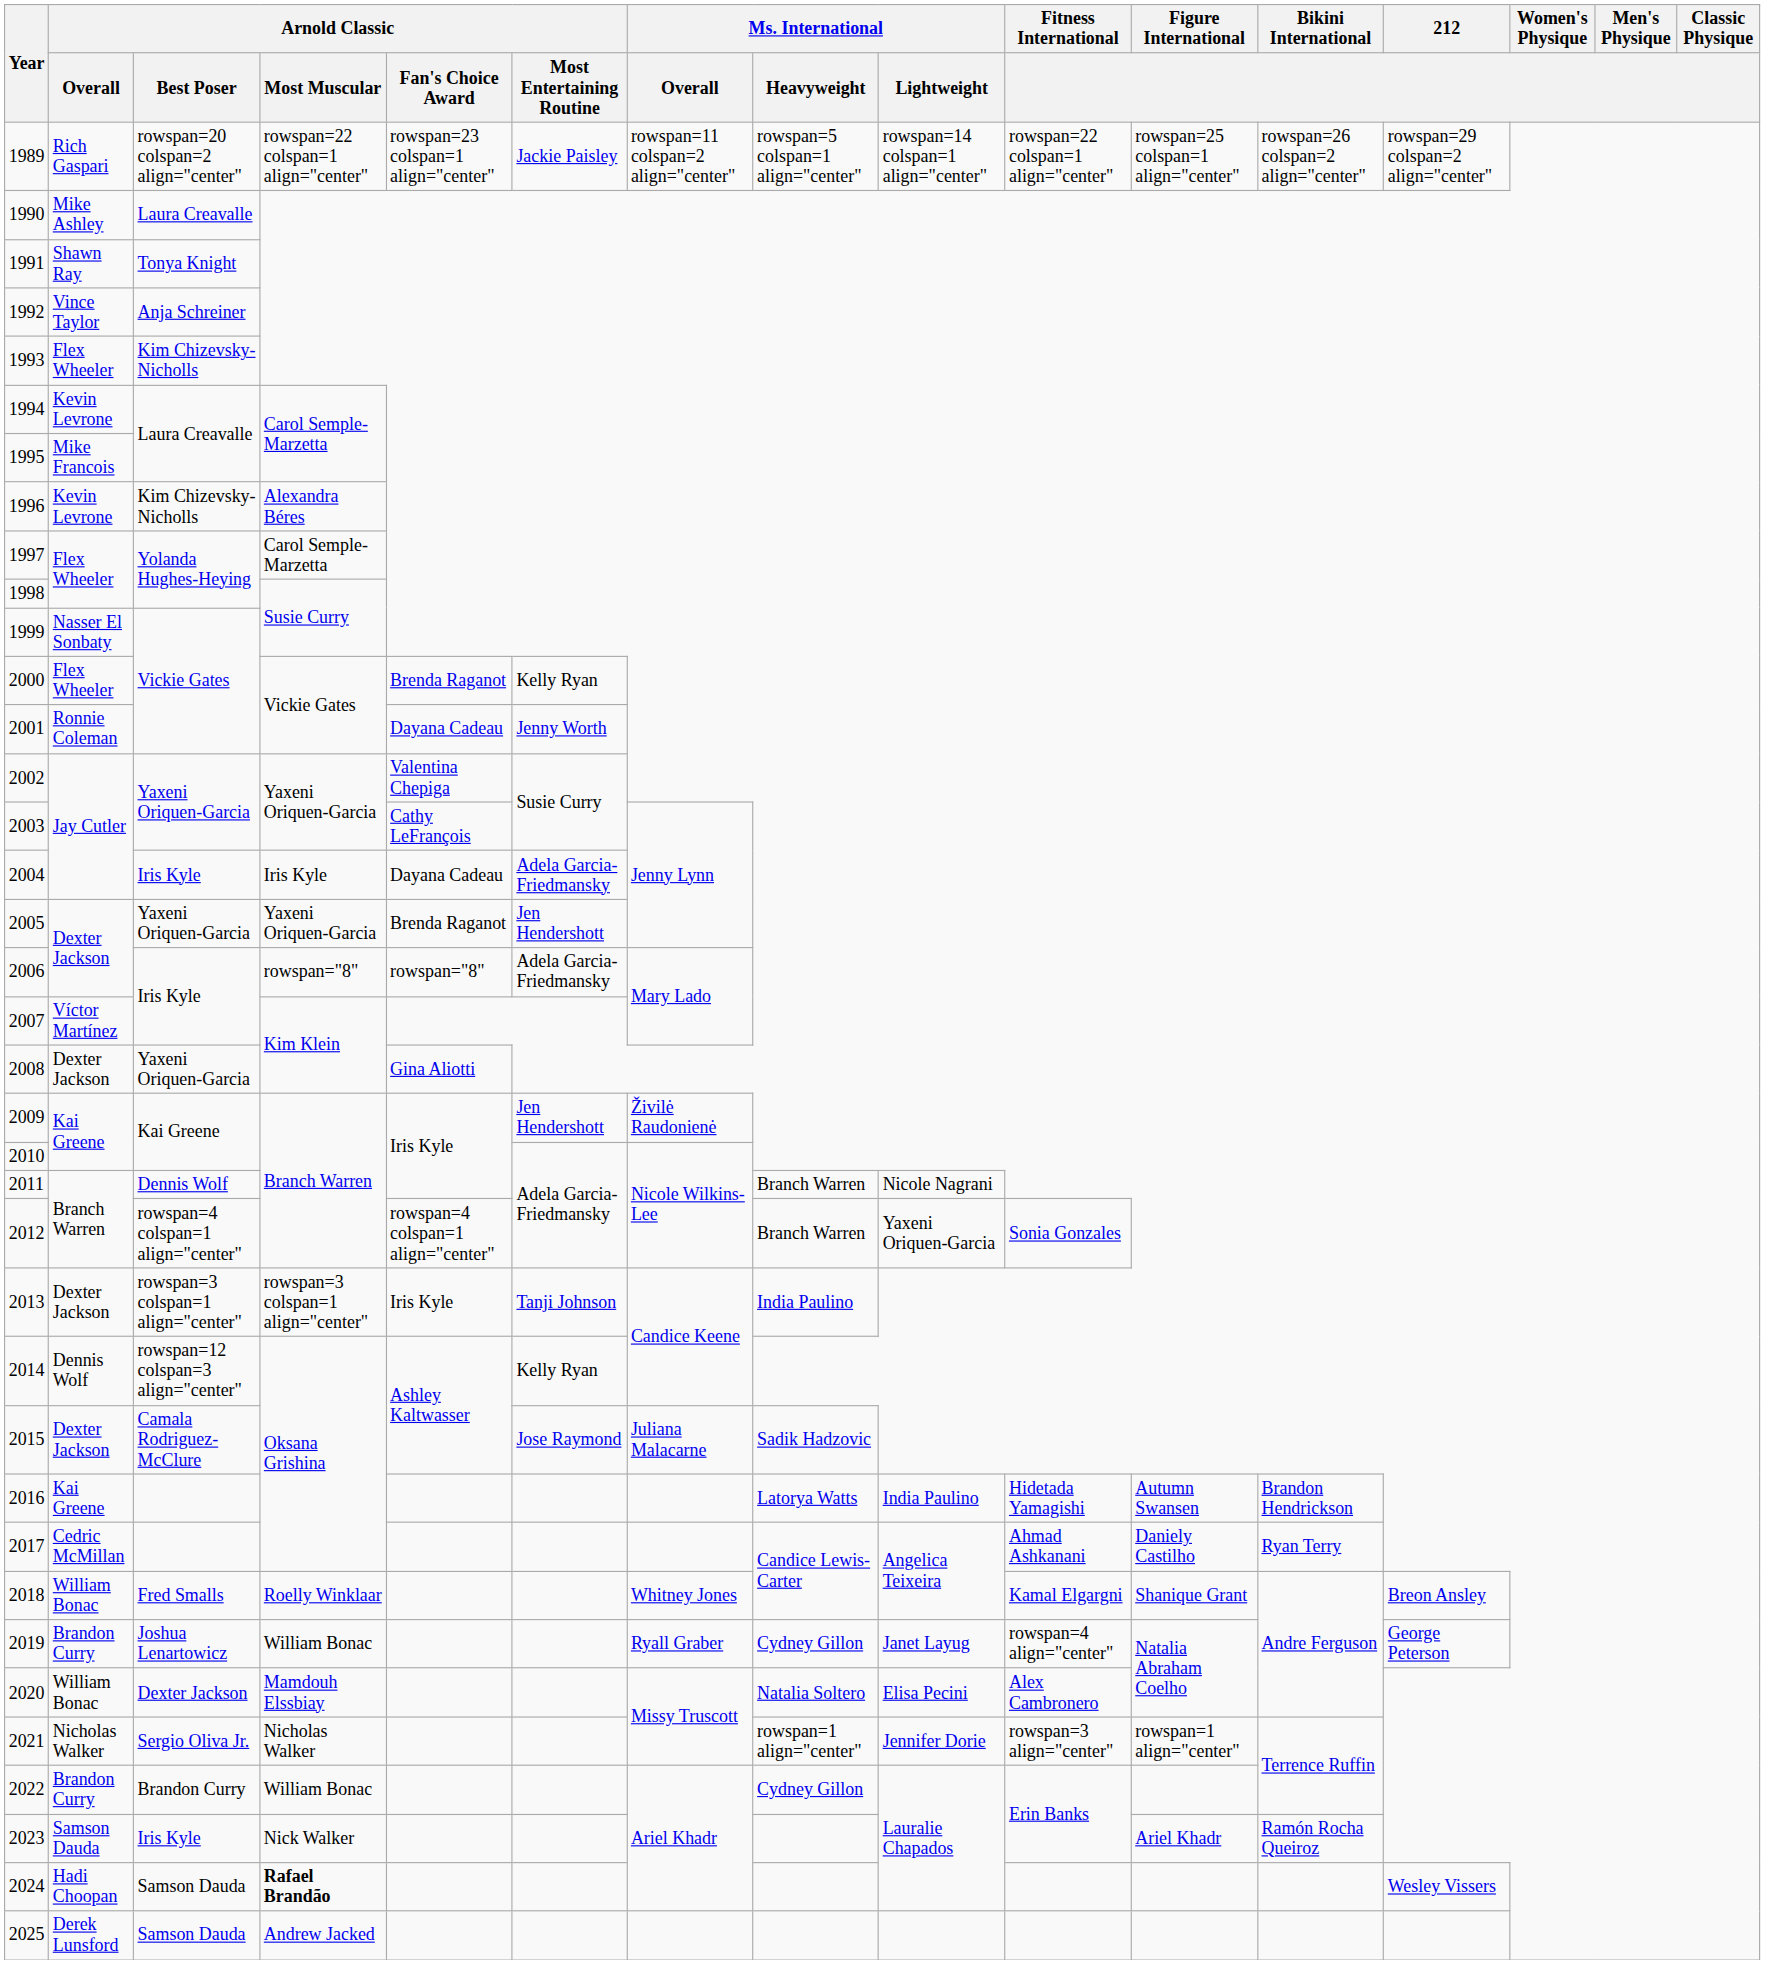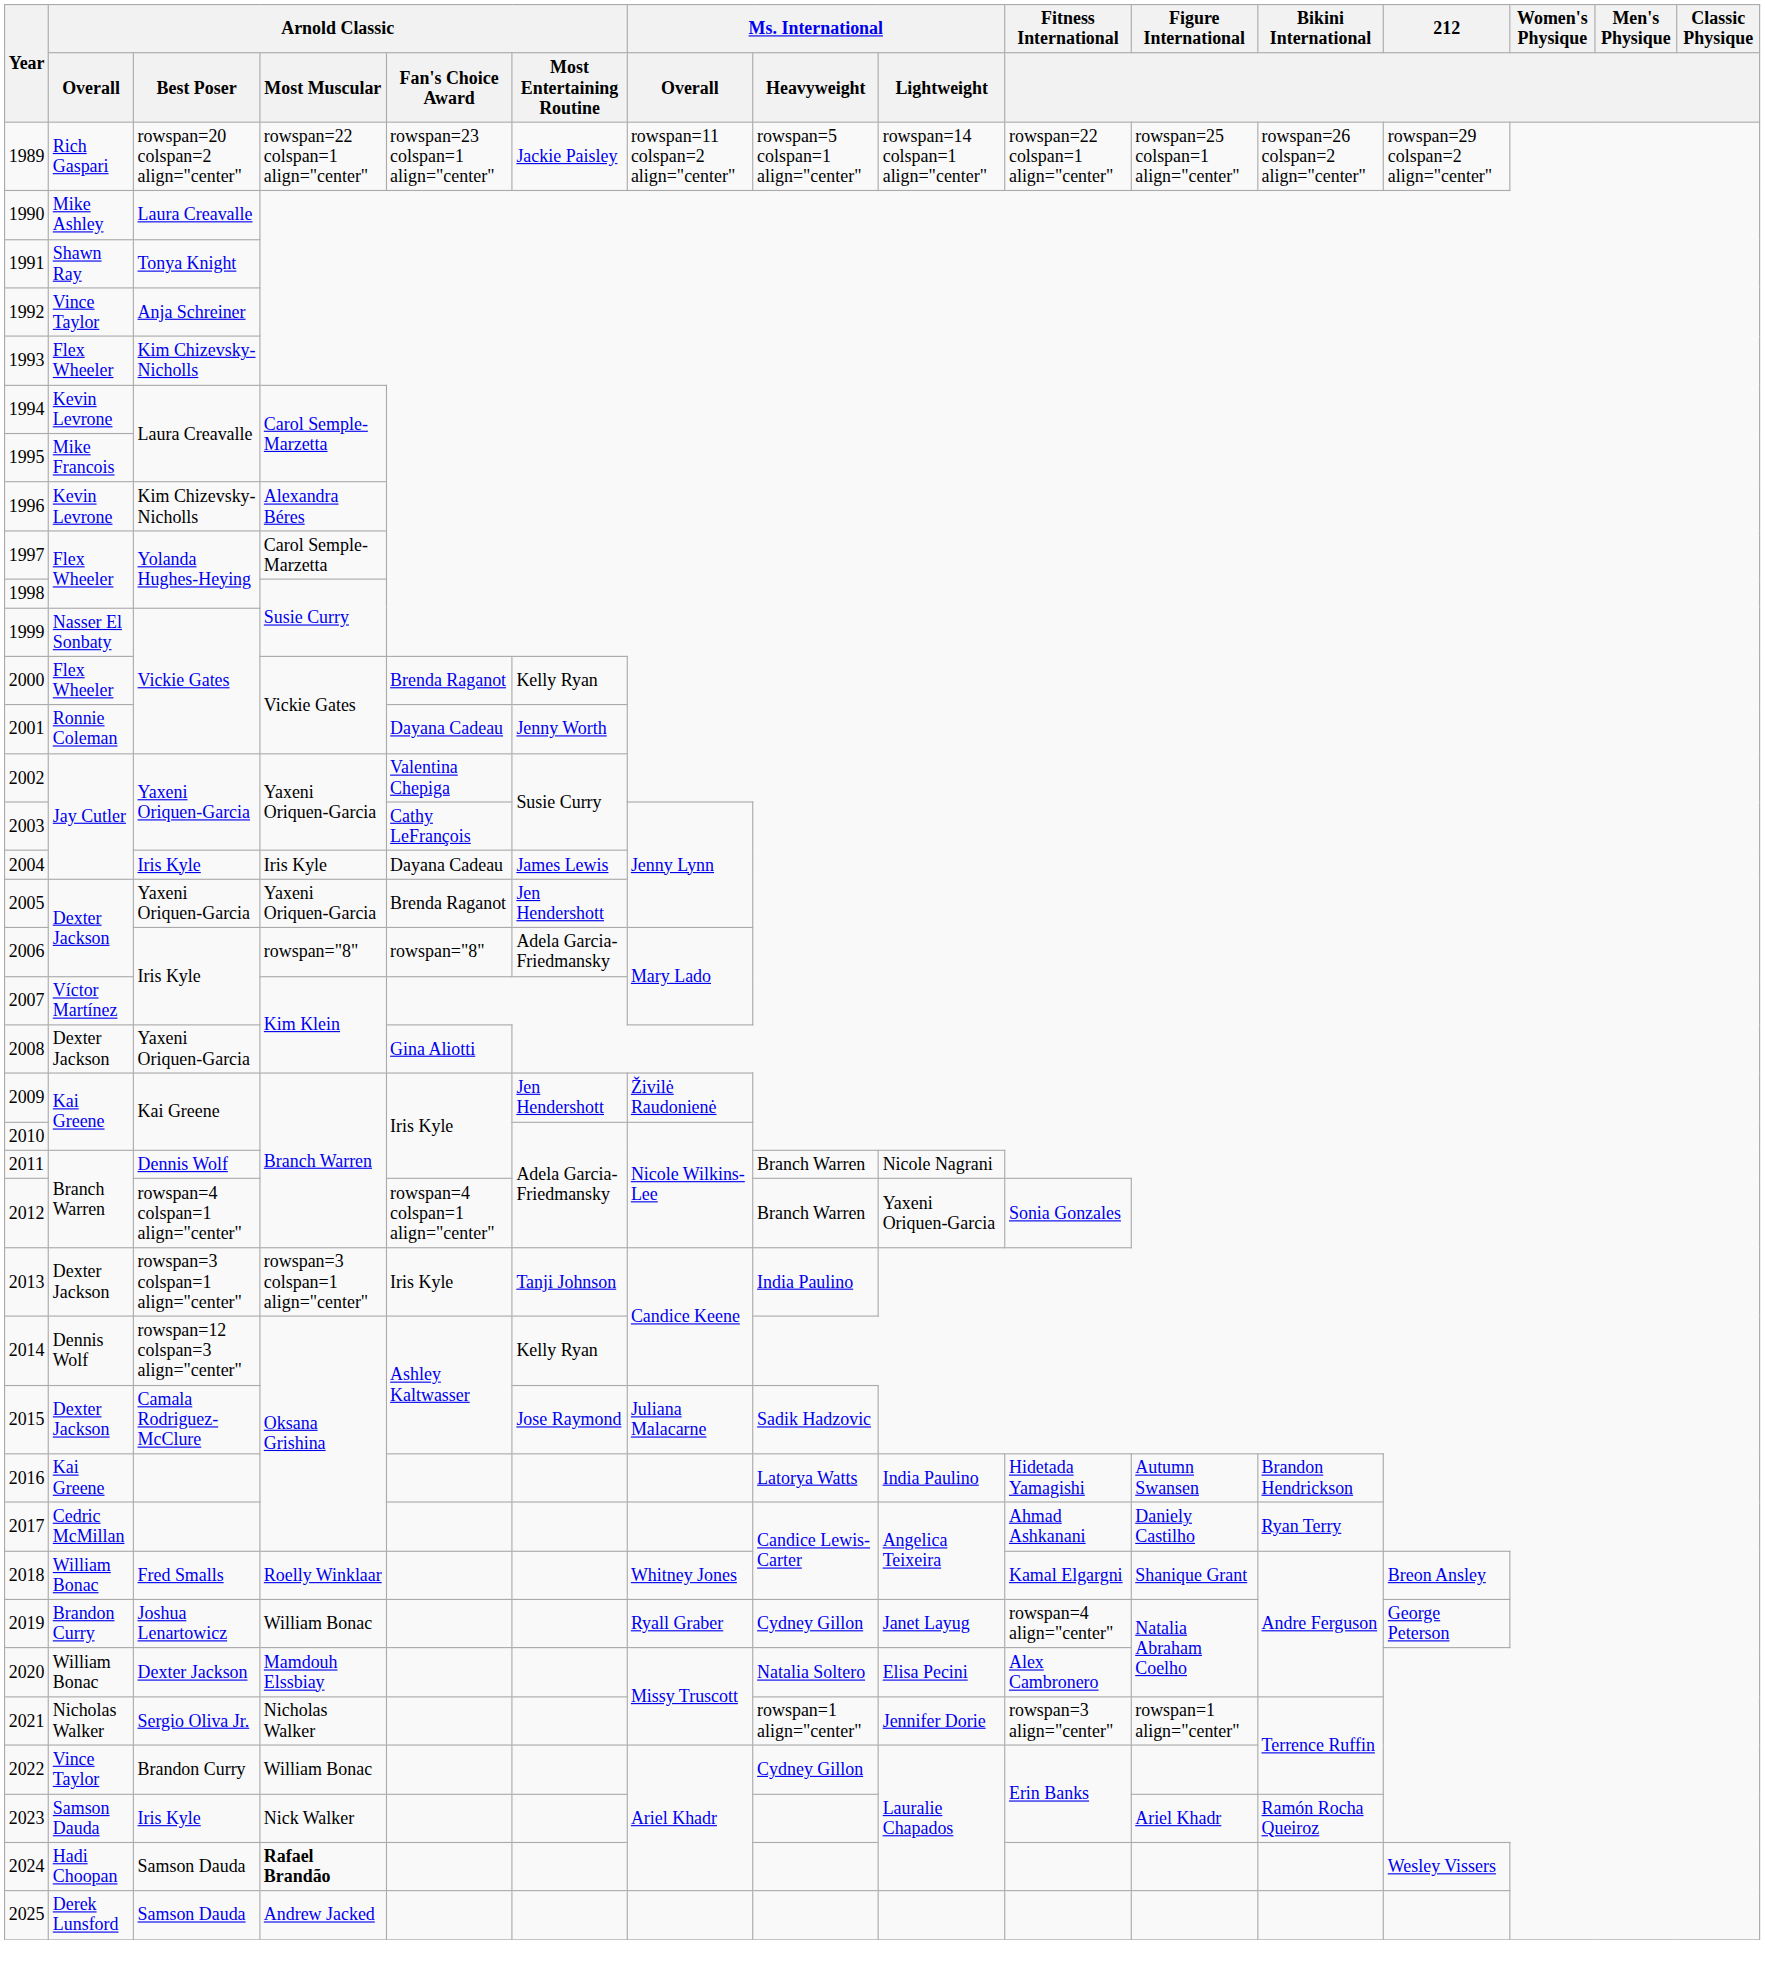 <table class="wikitable">
 <tr>
 <th rowspan=2 colspan=1 align="center">Year</th>
 <th rowspan=1 colspan=5 align="center">Arnold Classic</th>
 <th rowspan=1 colspan=3 align="center"><a href='#'>Ms. International</a></th>
 <th>Fitness International</th>
 <th>Figure International</th>
 <th>Bikini International</th>
 <th>212</th>
 <th>Women's Physique</th>
 <th>Men's Physique</th>
 <th>Classic Physique</th>
 </tr>
 <tr>
 <th>Overall</th>
 <th>Best Poser</th>
 <th>Most Muscular</th>
 <th>Fan's Choice Award</th>
 <th>Most Entertaining Routine</th>
 <th>Overall</th>
 <th>Heavyweight</th>
 <th>Lightweight</th>
 <th rowspan=1 colspan=7 align="center"></th>
 </tr>
 <tr>
 <td>1989</td>
 <td> <a href='#'>Rich Gaspari</a></td>
 <td>rowspan=20 colspan=2 align="center" </td>
 <td>rowspan=22 colspan=1 align="center" </td>
 <td>rowspan=23 colspan=1 align="center" </td>
 <td> <a href='#'>Jackie Paisley</a></td>
 <td>rowspan=11 colspan=2 align="center" </td>
 <td>rowspan=5 colspan=1 align="center" </td>
 <td>rowspan=14 colspan=1 align="center" </td>
 <td>rowspan=22 colspan=1 align="center" </td>
 <td>rowspan=25 colspan=1 align="center" </td>
 <td>rowspan=26 colspan=2 align="center" </td>
 <td>rowspan=29 colspan=2 align="center" </td>
 </tr>
 <tr>
 <td>1990</td>
 <td> <a href='#'>Mike Ashley</a></td>
 <td> <a href='#'>Laura Creavalle</a></td>
 </tr>
 <tr>
 <td>1991</td>
 <td> <a href='#'>Shawn Ray</a></td>
 <td> <a href='#'>Tonya Knight</a></td>
 </tr>
 <tr>
 <td>1992</td>
 <td> <a href='#'>Vince Taylor</a></td>
 <td> <a href='#'>Anja Schreiner</a></td>
 </tr>
 <tr>
 <td>1993</td>
 <td> <a href='#'>Flex Wheeler</a></td>
 <td> <a href='#'>Kim Chizevsky-Nicholls</a></td>
 </tr>
 <tr>
 <td>1994</td>
 <td> <a href='#'>Kevin Levrone</a></td>
 <td rowspan="2"> Laura Creavalle</td>
 <td rowspan="2"> <a href='#'>Carol Semple-Marzetta</a></td>
 </tr>
 <tr>
 <td>1995</td>
 <td> <a href='#'>Mike Francois</a></td>
 </tr>
 <tr>
 <td>1996</td>
 <td> <a href='#'>Kevin Levrone</a></td>
 <td> Kim Chizevsky-Nicholls</td>
 <td> <a href='#'>Alexandra Béres</a></td>
 </tr>
 <tr>
 <td>1997</td>
 <td rowspan="2"> <a href='#'>Flex Wheeler</a></td>
 <td rowspan="2"> <a href='#'>Yolanda Hughes-Heying</a></td>
 <td> Carol Semple-Marzetta</td>
 </tr>
 <tr>
 <td>1998</td>
 <td rowspan="2"> <a href='#'>Susie Curry</a></td>
 </tr>
 <tr>
 <td>1999</td>
 <td> <a href='#'>Nasser El Sonbaty</a></td>
 <td rowspan="3"> <a href='#'>Vickie Gates</a></td>
 </tr>
 <tr>
 <td>2000</td>
 <td> <a href='#'>Flex Wheeler</a></td>
 <td rowspan="2"> Vickie Gates</td>
 <td> <a href='#'>Brenda Raganot</a></td>
 <td> Kelly Ryan</td>
 </tr>
 <tr>
 <td>2001</td>
 <td> <a href='#'>Ronnie Coleman</a></td>
 <td> <a href='#'>Dayana Cadeau</a></td>
 <td> <a href='#'>Jenny Worth</a></td>
 </tr>
 <tr>
 <td>2002</td>
 <td rowspan="3"> <a href='#'>Jay Cutler</a></td>
 <td rowspan="2"> <a href='#'>Yaxeni Oriquen-Garcia</a></td>
 <td rowspan="2"> Yaxeni Oriquen-Garcia</td>
 <td> <a href='#'>Valentina Chepiga</a></td>
 <td rowspan="2"> Susie Curry</td>
 </tr>
 <tr>
 <td>2003</td>
 <td> <a href='#'>Cathy LeFrançois</a></td>
 <td rowspan="3"> <a href='#'>Jenny Lynn</a></td>
 </tr>
 <tr>
 <td>2004</td>
 <td> <a href='#'>Iris Kyle</a></td>
 <td> Iris Kyle</td>
 <td> Dayana Cadeau</td>
-<td> <a href='#'>Adela Garcia-Friedmansky</a></td>
+<td> <a href='#'>James Lewis</a></td>
 </tr>
 <tr>
 <td>2005</td>
 <td rowspan="2"> <a href='#'>Dexter Jackson</a></td>
 <td> Yaxeni Oriquen-Garcia</td>
 <td> Yaxeni Oriquen-Garcia</td>
 <td> Brenda Raganot</td>
 <td> <a href='#'>Jen Hendershott</a></td>
 </tr>
 <tr>
 <td>2006</td>
 <td rowspan="2"> Iris Kyle</td>
 <td>rowspan="8" </td>
 <td>rowspan="8" </td>
 <td> Adela Garcia-Friedmansky</td>
 <td rowspan="2"> <a href='#'>Mary Lado</a></td>
 </tr>
 <tr>
 <td>2007</td>
 <td> <a href='#'>Víctor Martínez</a></td>
 <td rowspan="2"> <a href='#'>Kim Klein</a></td>
 </tr>
 <tr>
 <td>2008</td>
 <td> Dexter Jackson</td>
 <td> Yaxeni Oriquen-Garcia</td>
 <td> <a href='#'>Gina Aliotti</a></td>
 </tr>
 <tr>
 <td>2009</td>
 <td rowspan="2"> <a href='#'>Kai Greene</a></td>
 <td rowspan="2"> Kai Greene</td>
 <td rowspan="4"> <a href='#'>Branch Warren</a></td>
 <td rowspan="3"> Iris Kyle</td>
 <td> <a href='#'>Jen Hendershott</a></td>
 <td> <a href='#'>Živilė Raudonienė</a></td>
 </tr>
 <tr>
 <td>2010</td>
 <td rowspan="3"> Adela Garcia-Friedmansky</td>
 <td rowspan="3"> <a href='#'>Nicole Wilkins-Lee</a></td>
 </tr>
 <tr>
 <td>2011</td>
 <td rowspan="2"> Branch Warren</td>
 <td> <a href='#'>Dennis Wolf</a></td>
 <td> Branch Warren</td>
 <td> Nicole Nagrani</td>
 </tr>
 <tr>
 <td>2012</td>
 <td>rowspan=4 colspan=1 align="center" </td>
 <td>rowspan=4 colspan=1 align="center" </td>
 <td> Branch Warren</td>
 <td> Yaxeni Oriquen-Garcia</td>
 <td> <a href='#'>Sonia Gonzales</a></td>
 </tr>
 <tr>
 <td>2013</td>
 <td> Dexter Jackson</td>
 <td>rowspan=3 colspan=1 align="center" </td>
 <td>rowspan=3 colspan=1 align="center" </td>
 <td> Iris Kyle</td>
 <td> <a href='#'>Tanji Johnson</a></td>
 <td rowspan="2"> <a href='#'>Candice Keene</a></td>
 <td> <a href='#'>India Paulino</a></td>
 </tr>
 <tr>
 <td>2014</td>
 <td> Dennis Wolf</td>
 <td>rowspan=12 colspan=3 align="center" </td>
 <td rowspan="4"> <a href='#'>Oksana Grishina</a></td>
 <td rowspan="2"> <a href='#'>Ashley Kaltwasser</a></td>
 <td> Kelly Ryan</td>
 </tr>
 <tr>
 <td>2015</td>
 <td> <a href='#'>Dexter Jackson</a></td>
 <td> <a href='#'>Camala Rodriguez-McClure</a></td>
 <td> <a href='#'>Jose Raymond</a></td>
 <td> <a href='#'>Juliana Malacarne</a></td>
 <td> <a href='#'>Sadik Hadzovic</a></td>
 </tr>
 <tr>
 <td>2016</td>
 <td> <a href='#'>Kai Greene</a></td>
 <td></td>
 <td></td>
 <td></td>
 <td></td>
 <td> <a href='#'>Latorya Watts</a></td>
 <td> <a href='#'>India Paulino</a></td>
 <td> <a href='#'>Hidetada Yamagishi</a></td>
 <td> <a href='#'>Autumn Swansen</a></td>
 <td> <a href='#'>Brandon Hendrickson</a></td>
 </tr>
 <tr>
 <td>2017</td>
 <td> <a href='#'>Cedric McMillan</a></td>
 <td></td>
 <td></td>
 <td></td>
 <td></td>
 <td rowspan="2"> <a href='#'>Candice Lewis-Carter</a></td>
 <td rowspan="2"> <a href='#'>Angelica Teixeira</a></td>
 <td> <a href='#'>Ahmad Ashkanani</a></td>
 <td> <a href='#'>Daniely Castilho</a></td>
 <td> <a href='#'>Ryan Terry</a></td>
 </tr>
 <tr>
 <td>2018</td>
 <td> <a href='#'>William Bonac</a></td>
 <td> <a href='#'>Fred Smalls</a></td>
 <td> <a href='#'>Roelly Winklaar</a></td>
 <td></td>
 <td></td>
 <td> <a href='#'>Whitney Jones</a></td>
 <td> <a href='#'>Kamal Elgargni</a></td>
 <td> <a href='#'>Shanique Grant</a></td>
 <td rowspan="3"> <a href='#'>Andre Ferguson</a></td>
 <td> <a href='#'>Breon Ansley</a></td>
 </tr>
 <tr>
 <td>2019</td>
 <td> <a href='#'>Brandon Curry</a></td>
 <td> <a href='#'>Joshua Lenartowicz</a></td>
 <td> William Bonac</td>
 <td></td>
 <td></td>
 <td> <a href='#'>Ryall Graber</a></td>
 <td> <a href='#'>Cydney Gillon</a></td>
 <td> <a href='#'>Janet Layug</a></td>
 <td>rowspan=4 align="center" </td>
 <td rowspan="2"> <a href='#'>Natalia Abraham Coelho</a></td>
 <td> <a href='#'>George Peterson</a></td>
 </tr>
 <tr>
 <td>2020</td>
 <td> William Bonac</td>
 <td> <a href='#'>Dexter Jackson</a></td>
 <td> <a href='#'>Mamdouh Elssbiay</a></td>
 <td></td>
 <td></td>
 <td rowspan="2"> <a href='#'>Missy Truscott</a></td>
 <td> <a href='#'>Natalia Soltero</a></td>
 <td> <a href='#'>Elisa Pecini</a></td>
 <td> <a href='#'>Alex Cambronero</a></td>
 </tr>
 <tr>
 <td>2021</td>
 <td> Nicholas Walker</td>
 <td> <a href='#'>Sergio Oliva Jr.</a></td>
 <td> Nicholas Walker</td>
 <td></td>
 <td></td>
 <td>rowspan=1 align="center" </td>
 <td> <a href='#'>Jennifer Dorie</a></td>
 <td>rowspan=3 align="center" </td>
 <td>rowspan=1 align="center" </td>
 <td rowspan="2"> <a href='#'>Terrence Ruffin</a></td>
 </tr>
 <tr>
 <td>2022</td>
-<td> <a href='#'>Brandon Curry</a></td>
+<td> <a href='#'>Vince Taylor</a></td>
 <td> Brandon Curry</td>
 <td> William Bonac</td>
 <td></td>
 <td></td>
 <td rowspan="3"> <a href='#'>Ariel Khadr</a></td>
 <td> <a href='#'>Cydney Gillon</a></td>
 <td rowspan="3"> <a href='#'>Lauralie Chapados</a></td>
 <td rowspan="2"> <a href='#'>Erin Banks</a></td>
 </tr>
 <tr>
 <td>2023</td>
 <td> <a href='#'>Samson Dauda</a></td>
 <td> <a href='#'>Iris Kyle</a></td>
 <td> Nick Walker</td>
 <td></td>
 <td></td>
 <td></td>
 <td> <a href='#'>Ariel Khadr</a></td>
 <td> <a href='#'>Ramón Rocha Queiroz</a></td>
 </tr>
 <tr>
 <td>2024</td>
 <td> <a href='#'>Hadi Choopan</a></td>
 <td> Samson Dauda</td>
 <td><strong> Rafael Brandão</strong></td>
 <td></td>
 <td></td>
 <td></td>
 <td></td>
 <td></td>
 <td></td>
 <td> <a href='#'>Wesley Vissers</a></td>
 </tr>
 <tr>
 <td>2025</td>
 <td> <a href='#'>Derek Lunsford</a></td>
 <td> <a href='#'>Samson Dauda</a></td>
 <td> <a href='#'>Andrew Jacked</a></td>
 <td></td>
 <td></td>
 <td></td>
 <td></td>
 <td></td>
 <td></td>
 <td></td>
 <td></td>
 <td></td>
 </tr>
 </table>
